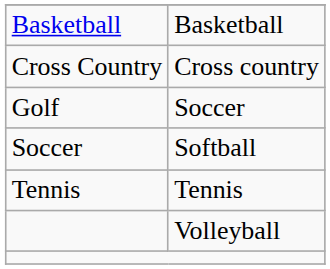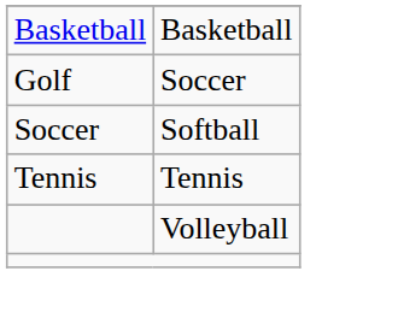 <table class="wikitable" style="margin:0 0 1em 1em;">
 <tr>
 </tr>
 <tr>
 <td><a href='#'>Basketball</a></td>
 <td>Basketball</td>
-</tr>
-<tr>
-<td>Cross Country</td>
-<td>Cross country</td>
 </tr>
 <tr>
 <td>Golf</td>
 <td>Soccer</td>
 </tr>
 <tr>
 <td>Soccer</td>
 <td>Softball</td>
 </tr>
 <tr>
 <td>Tennis</td>
 <td>Tennis</td>
 </tr>
 <tr>
 <td></td>
 <td>Volleyball</td>
 </tr>
 <tr>
 <td colspan="2"></td>
 </tr>
 </table>
